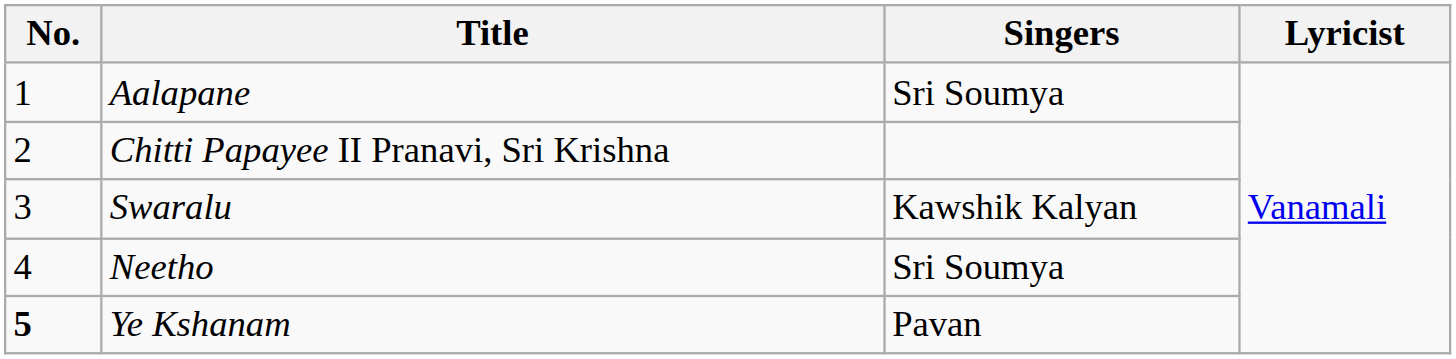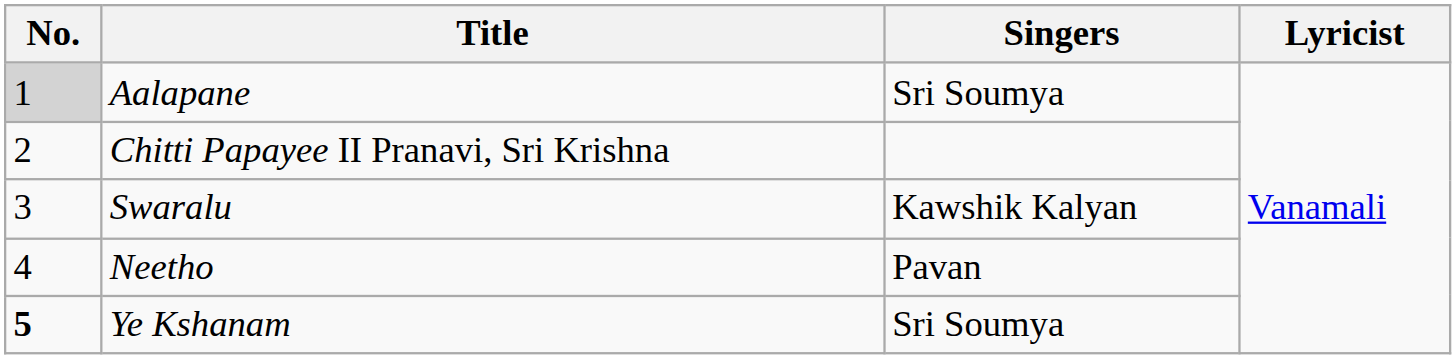 <table class="wikitable" style="width:50%;">
 <tr>
 <th>No.</th>
 <th>Title</th>
 <th>Singers</th>
 <th>Lyricist</th>
 </tr>
 <tr>
-<td>1</td>
+<td style="background: lightgrey;">1</td>
 <td><em>Aalapane</em></td>
 <td>Sri Soumya</td>
 <td rowspan="5"><a href='#'>Vanamali</a></td>
 </tr>
 <tr>
 <td>2</td>
 <td><em>Chitti Papayee</em> II Pranavi, Sri Krishna</td>
 </tr>
 <tr>
 <td>3</td>
 <td><em>Swaralu</em></td>
 <td>Kawshik Kalyan</td>
 </tr>
 <tr>
 <td>4</td>
 <td><em>Neetho</em></td>
-<td>Sri Soumya</td>
+<td>Pavan</td>
 </tr>
 <tr>
 <td><strong>5</strong></td>
 <td><em>Ye Kshanam</em></td>
-<td>Pavan</td>
+<td>Sri Soumya</td>
 </tr>
 </table>
